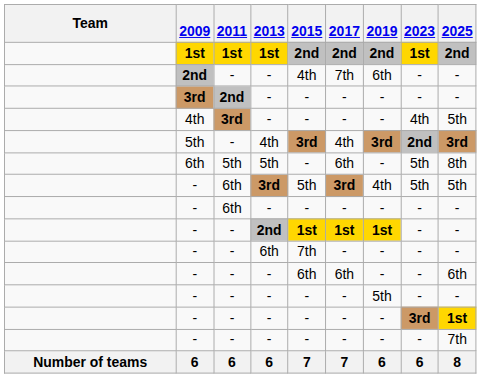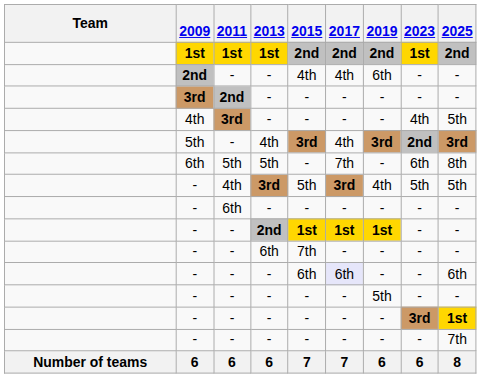 <table class="wikitable" style="text-align:center; font-size:90%">
 <tr>
 <th width=170>Team</th>
 <th width=25><br><a href='#'>2009</a></th>
 <th width=25><br><a href='#'>2011</a></th>
 <th><br><a href='#'>2013</a></th>
 <th width=25><br><a href='#'>2015</a></th>
 <th width=25><br><a href='#'>2017</a></th>
 <th><br><a href='#'>2019</a></th>
 <th width=25><br><a href='#'>2023</a></th>
 <th><br><a href='#'>2025</a></th>
 </tr>
 <tr>
 <td align=left></td>
 <td bgcolor=gold><strong>1st</strong></td>
 <td bgcolor=gold><strong>1st</strong></td>
 <td bgcolor=gold><strong>1st</strong></td>
 <td bgcolor=silver><strong>2nd</strong></td>
 <td bgcolor=silver><strong>2nd</strong></td>
 <td bgcolor=silver><strong>2nd</strong></td>
 <td bgcolor=gold><strong>1st</strong></td>
 <td bgcolor=silver><strong>2nd</strong></td>
 </tr>
 <tr>
 <td align=left></td>
 <td bgcolor=silver><strong>2nd</strong></td>
 <td>-</td>
 <td>-</td>
 <td>4th</td>
-<td>7th</td>
+<td>4th</td>
 <td>6th</td>
 <td>-</td>
 <td>-</td>
 </tr>
 <tr>
 <td align=left></td>
 <td bgcolor=cc9966><strong>3rd</strong></td>
 <td bgcolor=silver><strong>2nd</strong></td>
 <td>-</td>
 <td>-</td>
 <td>-</td>
 <td>-</td>
 <td>-</td>
 <td>-</td>
 </tr>
 <tr>
 <td align=left></td>
 <td>4th</td>
 <td bgcolor=cc9966><strong>3rd</strong></td>
 <td>-</td>
 <td>-</td>
 <td>-</td>
 <td>-</td>
 <td>4th</td>
 <td>5th</td>
 </tr>
 <tr>
 <td align=left></td>
 <td>5th</td>
 <td>-</td>
 <td>4th</td>
 <td bgcolor=cc9966><strong>3rd</strong></td>
 <td>4th</td>
 <td bgcolor=cc9966><strong>3rd</strong></td>
 <td bgcolor=silver><strong>2nd</strong></td>
 <td bgcolor=cc9966><strong>3rd</strong></td>
 </tr>
 <tr>
 <td align=left></td>
 <td>6th</td>
 <td>5th</td>
 <td>5th</td>
 <td>-</td>
+<td>7th</td>
+<td>-</td>
 <td>6th</td>
-<td>-</td>
-<td>5th</td>
 <td>8th</td>
 </tr>
 <tr>
 <td align=left></td>
 <td>-</td>
-<td>6th</td>
+<td>4th</td>
 <td bgcolor=cc9966><strong>3rd</strong></td>
 <td>5th</td>
 <td bgcolor=cc9966><strong>3rd</strong></td>
 <td>4th</td>
 <td>5th</td>
 <td>5th</td>
 </tr>
 <tr>
 <td align=left></td>
 <td>-</td>
 <td>6th</td>
 <td>-</td>
 <td>-</td>
 <td>-</td>
 <td>-</td>
 <td>-</td>
 <td>-</td>
 </tr>
 <tr>
 <td align=left></td>
 <td>-</td>
 <td>-</td>
 <td bgcolor=silver><strong>2nd</strong></td>
 <td bgcolor=gold><strong>1st</strong></td>
 <td bgcolor=gold><strong>1st</strong></td>
 <td bgcolor=gold><strong>1st</strong></td>
 <td>-</td>
 <td>-</td>
 </tr>
 <tr>
 <td align=left></td>
 <td>-</td>
 <td>-</td>
 <td>6th</td>
 <td>7th</td>
 <td>-</td>
 <td>-</td>
 <td>-</td>
 <td>-</td>
 </tr>
 <tr>
 <td align=left></td>
 <td>-</td>
 <td>-</td>
 <td>-</td>
 <td>6th</td>
-<td>6th</td>
+<td style="background: lavender;">6th</td>
 <td>-</td>
 <td>-</td>
 <td>6th</td>
 </tr>
 <tr>
 <td align=left></td>
 <td>-</td>
 <td>-</td>
 <td>-</td>
 <td>-</td>
 <td>-</td>
 <td>5th</td>
 <td>-</td>
 <td>-</td>
 </tr>
 <tr>
 <td align=left></td>
 <td>-</td>
 <td>-</td>
 <td>-</td>
 <td>-</td>
 <td>-</td>
 <td>-</td>
 <td bgcolor=cc9966><strong>3rd</strong></td>
 <td bgcolor=gold><strong>1st</strong></td>
 </tr>
 <tr>
 <td align=left></td>
 <td>-</td>
 <td>-</td>
 <td>-</td>
 <td>-</td>
 <td>-</td>
 <td>-</td>
 <td>-</td>
 <td>7th</td>
 </tr>
 <tr>
 <th>Number of teams</th>
 <th>6</th>
 <th>6</th>
 <th>6</th>
 <th>7</th>
 <th>7</th>
 <th>6</th>
 <th>6</th>
 <th>8</th>
 </tr>
 </table>
